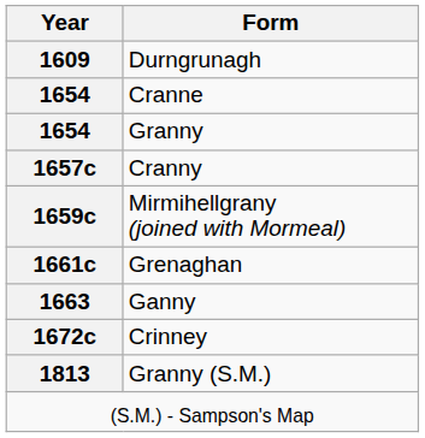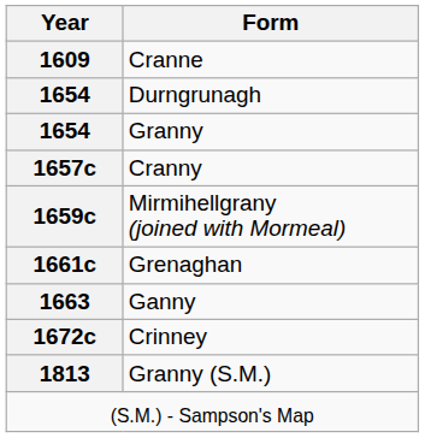 <table class="wikitable" style="margin:0 0 0 3em; border:1px solid darkgrey;">
 <tr>
 <th style="width:75px;">Year</th>
 <th style="width:200px;">Form</th>
 </tr>
 <tr>
 <th>1609</th>
-<td>Durngrunagh</td>
+<td>Cranne</td>
 </tr>
 <tr>
 <th>1654</th>
-<td>Cranne</td>
+<td>Durngrunagh</td>
 </tr>
 <tr>
 <th>1654</th>
 <td>Granny</td>
 </tr>
 <tr>
 <th>1657c</th>
 <td>Cranny</td>
 </tr>
 <tr>
 <th>1659c</th>
 <td>Mirmihellgrany<br><em>(joined with Mormeal)</em></td>
 </tr>
 <tr>
 <th>1661c</th>
 <td>Grenaghan</td>
 </tr>
 <tr>
 <th>1663</th>
 <td>Ganny</td>
 </tr>
 <tr>
 <th>1672c</th>
 <td>Crinney</td>
 </tr>
 <tr>
 <th>1813</th>
 <td>Granny (S.M.) </td>
 </tr>
 <tr>
 <td colspan="2" align="center"><sub>(S.M.) - Sampson's Map</sub></td>
 </tr>
 </table>
